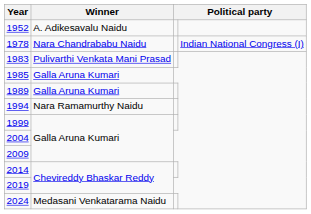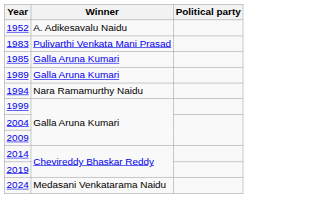 <table class="wikitable sortable">
 <tr>
 <th>Year</th>
 <th>Winner</th>
 <th colspan="2">Political party</th>
 </tr>
 <tr>
 <td><a href='#'>1952</a></td>
 <td>A. Adikesavalu Naidu</td>
 <td></td>
-</tr>
-<tr>
-<td><a href='#'>1978</a></td>
-<td><a href='#'>Nara Chandrababu Naidu</a></td>
-<td></td>
-<td><a href='#'>Indian National Congress (I)</a></td>
 </tr>
 <tr>
 <td><a href='#'>1983</a></td>
 <td><a href='#'>Pulivarthi Venkata Mani Prasad</a></td>
 <td></td>
 </tr>
 <tr>
 <td><a href='#'>1985</a></td>
 <td><a href='#'>Galla Aruna Kumari</a></td>
 </tr>
 <tr>
 <td><a href='#'>1989</a></td>
 <td><a href='#'>Galla Aruna Kumari</a></td>
 <td></td>
 </tr>
 <tr>
 <td><a href='#'>1994</a></td>
 <td>Nara Ramamurthy Naidu</td>
 <td></td>
 </tr>
 <tr>
 <td><a href='#'>1999</a></td>
 <td rowspan=3>Galla Aruna Kumari</td>
 <td></td>
 </tr>
 <tr>
 <td><a href='#'>2004</a></td>
 </tr>
 <tr>
 <td><a href='#'>2009</a></td>
 </tr>
 <tr>
 <td><a href='#'>2014</a></td>
 <td rowspan=2><a href='#'>Chevireddy Bhaskar Reddy</a></td>
 <td></td>
 </tr>
 <tr>
 <td><a href='#'>2019</a></td>
 </tr>
 <tr>
 <td><a href='#'>2024</a></td>
 <td>Medasani Venkatarama Naidu</td>
 <td></td>
 </tr>
 </table>
